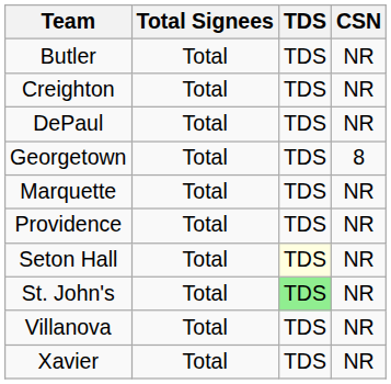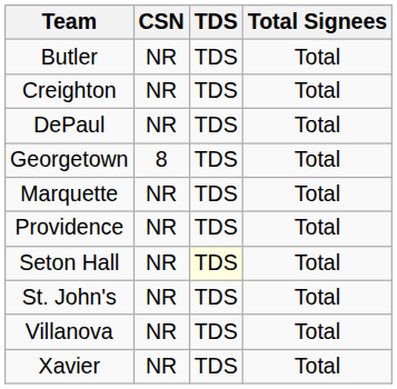 <table class="wikitable sortable">
 <tr>
 <th>Team</th>
+<th>CSN</th>
+<th>TDS</th>
 <th>Total Signees</th>
-<th>TDS</th>
-<th>CSN</th>
 </tr>
 <tr align=center>
 <td>Butler</td>
+<td>NR</td>
+<td>TDS</td>
 <td>Total</td>
-<td>TDS</td>
-<td>NR</td>
 </tr>
 <tr align=center>
 <td>Creighton</td>
+<td>NR</td>
+<td>TDS</td>
 <td>Total</td>
-<td>TDS</td>
-<td>NR</td>
 </tr>
 <tr align=center>
 <td>DePaul</td>
+<td>NR</td>
+<td>TDS</td>
 <td>Total</td>
-<td>TDS</td>
-<td>NR</td>
 </tr>
 <tr align=center>
 <td>Georgetown</td>
+<td>8</td>
+<td>TDS</td>
 <td>Total</td>
-<td>TDS</td>
-<td>8</td>
 </tr>
 <tr align=center>
 <td>Marquette</td>
+<td>NR</td>
+<td>TDS</td>
 <td>Total</td>
-<td>TDS</td>
-<td>NR</td>
 </tr>
 <tr align=center>
 <td>Providence</td>
+<td>NR</td>
+<td>TDS</td>
 <td>Total</td>
-<td>TDS</td>
-<td>NR</td>
 </tr>
 <tr align=center>
 <td>Seton Hall</td>
+<td>NR</td>
+<td style="background: lightyellow;">TDS</td>
 <td>Total</td>
-<td style="background: lightyellow;">TDS</td>
-<td>NR</td>
 </tr>
 <tr align=center>
 <td>St. John's</td>
+<td>NR</td>
+<td>TDS</td>
 <td>Total</td>
-<td style="background: lightgreen;">TDS</td>
-<td>NR</td>
 </tr>
 <tr align=center>
 <td>Villanova</td>
+<td>NR</td>
+<td>TDS</td>
 <td>Total</td>
-<td>TDS</td>
-<td>NR</td>
 </tr>
 <tr align=center>
 <td>Xavier</td>
+<td>NR</td>
+<td>TDS</td>
 <td>Total</td>
-<td>TDS</td>
-<td>NR</td>
 </tr>
 </table>
